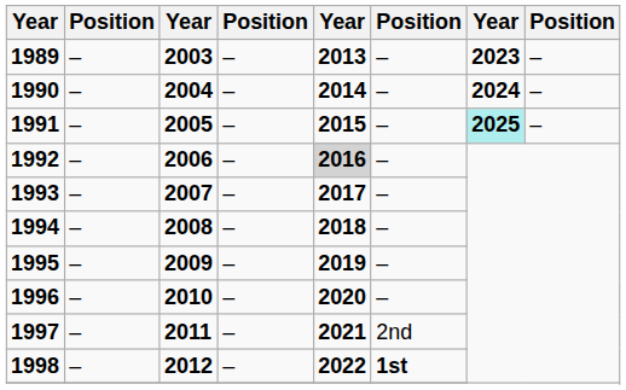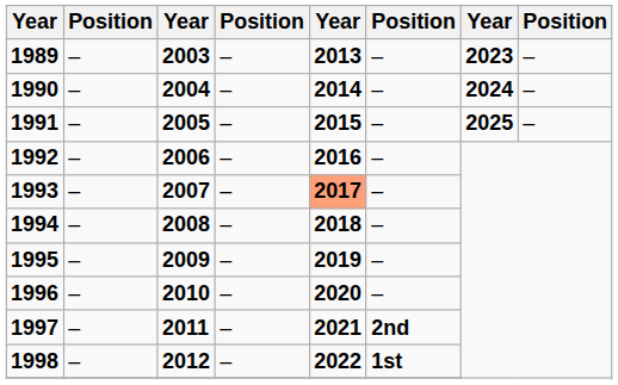 <table class="wikitable" style="margin:1em auto;">
 <tr>
 <th>Year</th>
 <th>Position</th>
 <th>Year</th>
 <th>Position</th>
 <th>Year</th>
 <th>Position</th>
 <th>Year</th>
 <th>Position</th>
 </tr>
 <tr>
 <td><strong>1989</strong></td>
 <td>–</td>
 <td><strong>2003</strong></td>
 <td>–</td>
 <td><strong>2013</strong></td>
 <td>–</td>
 <td><strong>2023</strong></td>
 <td>–</td>
 </tr>
 <tr>
 <td><strong>1990</strong></td>
 <td>–</td>
 <td><strong>2004</strong></td>
 <td>–</td>
 <td><strong>2014</strong></td>
 <td>–</td>
 <td><strong>2024</strong></td>
 <td>–</td>
 </tr>
 <tr>
 <td><strong>1991</strong></td>
 <td>–</td>
 <td><strong>2005</strong></td>
 <td>–</td>
 <td><strong>2015</strong></td>
 <td>–</td>
-<td style="background: paleturquoise;"><strong>2025</strong></td>
+<td><strong>2025</strong></td>
 <td>–</td>
 </tr>
 <tr>
 <td><strong>1992</strong></td>
 <td>–</td>
 <td><strong>2006</strong></td>
 <td>–</td>
-<td style="background: lightgrey;"><strong>2016</strong></td>
+<td><strong>2016</strong></td>
 <td>–</td>
 </tr>
 <tr>
 <td><strong>1993</strong></td>
 <td>–</td>
 <td><strong>2007</strong></td>
 <td>–</td>
-<td><strong>2017</strong></td>
+<td style="background: lightsalmon;"><strong>2017</strong></td>
 <td>–</td>
 </tr>
 <tr>
 <td><strong>1994</strong></td>
 <td>–</td>
 <td><strong>2008</strong></td>
 <td>–</td>
 <td><strong>2018</strong></td>
 <td>–</td>
 </tr>
 <tr>
 <td><strong>1995</strong></td>
 <td>–</td>
 <td><strong>2009</strong></td>
 <td>–</td>
 <td><strong>2019</strong></td>
 <td>–</td>
 </tr>
 <tr>
 <td><strong>1996</strong></td>
 <td>–</td>
 <td><strong>2010</strong></td>
 <td>–</td>
 <td><strong>2020</strong></td>
 <td>–</td>
 </tr>
 <tr>
 <td><strong>1997</strong></td>
 <td>–</td>
 <td><strong>2011</strong></td>
 <td>–</td>
 <td><strong>2021</strong></td>
-<td>2nd</td>
+<td><strong>2nd</strong></td>
 </tr>
 <tr>
 <td><strong>1998</strong></td>
 <td>–</td>
 <td><strong>2012</strong></td>
 <td>–</td>
 <td><strong>2022</strong></td>
 <td><strong>1st</strong></td>
 </tr>
 <tr>
 </tr>
 </table>
